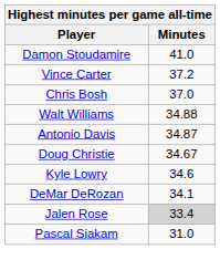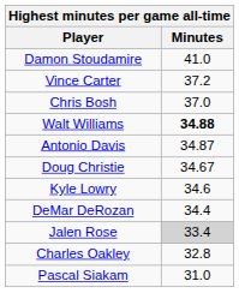 <table class="wikitable sortable" style="text-align:center">
 <tr>
 <th colspan="2">Highest minutes per game all-time</th>
 </tr>
 <tr>
 <th>Player</th>
 <th>Minutes</th>
 </tr>
 <tr>
 <td><a href='#'>Damon Stoudamire</a></td>
 <td>41.0</td>
 </tr>
 <tr>
 <td><a href='#'>Vince Carter</a></td>
 <td>37.2</td>
 </tr>
 <tr>
 <td><a href='#'>Chris Bosh</a></td>
 <td>37.0</td>
 </tr>
 <tr>
 <td><a href='#'>Walt Williams</a></td>
-<td>34.88</td>
+<td><strong>34.88</strong></td>
 </tr>
 <tr>
 <td><a href='#'>Antonio Davis</a></td>
 <td>34.87</td>
 </tr>
 <tr>
 <td><a href='#'>Doug Christie</a></td>
 <td>34.67</td>
 </tr>
 <tr>
 <td><a href='#'>Kyle Lowry</a></td>
 <td>34.6</td>
 </tr>
 <tr>
 <td><a href='#'>DeMar DeRozan</a></td>
-<td>34.1</td>
+<td>34.4</td>
 </tr>
 <tr>
 <td><a href='#'>Jalen Rose</a></td>
 <td style="background: lightgrey;">33.4</td>
 </tr>
 <tr>
+<td><a href='#'>Charles Oakley</a></td>
+<td>32.8</td>
+</tr>
+<tr>
 <td><a href='#'>Pascal Siakam</a></td>
 <td>31.0</td>
 </tr>
 </table>
